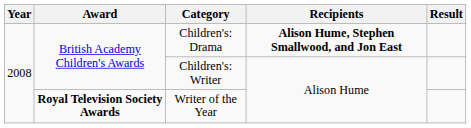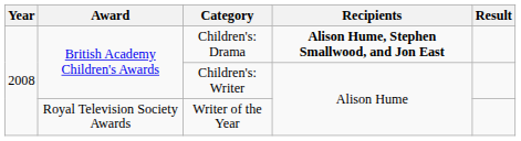 <table class=wikitable style=text-align:center>
 <tr>
 <th>Year</th>
 <th>Award</th>
 <th>Category</th>
 <th>Recipients</th>
 <th>Result</th>
 </tr>
 <tr>
 <td scope=row rowspan=4 style="text-align:center;">2008</td>
 <td scope=row rowspan=2 style="text-align:center;"><a href='#'>British Academy Children's Awards</a></td>
 <td>Children's: Drama</td>
 <td><strong>Alison Hume, Stephen Smallwood, and Jon East</strong></td>
 <td></td>
 </tr>
 <tr>
 <td>Children's: Writer</td>
 <td rowspan=2>Alison Hume</td>
 <td></td>
 </tr>
 <tr>
-<td><strong>Royal Television Society Awards</strong></td>
+<td>Royal Television Society Awards</td>
 <td>Writer of the Year</td>
 <td></td>
 </tr>
 </table>
